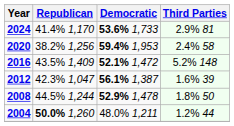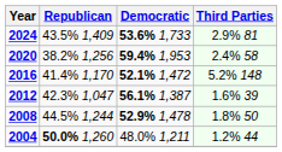 <table class="wikitable" style="float:right; font-size:95%;">
 <tr>
 <th>Year</th>
 <th><a href='#'>Republican</a></th>
 <th><a href='#'>Democratic</a></th>
 <th><a href='#'>Third Parties</a></th>
 </tr>
 <tr>
 <td style="text-align:center;" ><strong><a href='#'>2024</a></strong></td>
-<td style="text-align:center;" >41.4% <em>1,170</em></td>
+<td style="text-align:center;" >43.5% <em>1,409</em></td>
 <td style="text-align:center;" ><strong>53.6%</strong>  <em>1,733</em></td>
 <td style="text-align:center; background:honeyDew;">2.9% <em>81</em></td>
 </tr>
 <tr>
 <td style="text-align:center;" ><strong><a href='#'>2020</a></strong></td>
 <td style="text-align:center;" >38.2% <em>1,256</em></td>
 <td style="text-align:center;" ><strong>59.4%</strong>  <em>1,953</em></td>
 <td style="text-align:center; background:honeyDew;">2.4% <em>58</em></td>
 </tr>
 <tr>
 <td style="text-align:center;" ><strong><a href='#'>2016</a></strong></td>
-<td style="text-align:center;" >43.5% <em>1,409</em></td>
+<td style="text-align:center;" >41.4% <em>1,170</em></td>
 <td style="text-align:center;" ><strong>52.1%</strong> <em>1,472</em></td>
 <td style="text-align:center; background:honeyDew;">5.2% <em>148</em></td>
 </tr>
 <tr>
 <td style="text-align:center;" ><strong><a href='#'>2012</a></strong></td>
 <td style="text-align:center;" >42.3% <em>1,047</em></td>
 <td style="text-align:center;" ><strong>56.1%</strong>  <em>1,387</em></td>
 <td style="text-align:center; background:honeyDew;">1.6% <em>39</em></td>
 </tr>
 <tr>
 <td style="text-align:center;" ><strong><a href='#'>2008</a></strong></td>
 <td style="text-align:center;" >44.5% <em>1,244</em></td>
 <td style="text-align:center;" ><strong>52.9%</strong>  <em>1,478</em></td>
 <td style="text-align:center; background:honeyDew;">1.8% <em>50</em></td>
 </tr>
 <tr>
 <td style="text-align:center;" ><strong><a href='#'>2004</a></strong></td>
 <td style="text-align:center;" ><strong>50.0%</strong> <em>1,260</em></td>
 <td style="text-align:center;" >48.0%   <em>1,211</em></td>
 <td style="text-align:center; background:honeyDew;">1.2% <em>44</em></td>
 </tr>
 <tr>
 </tr>
 </table>
